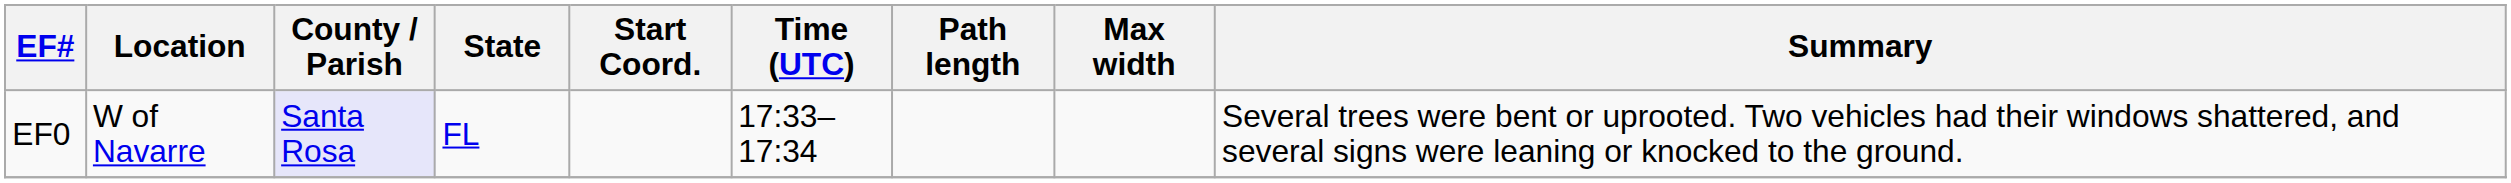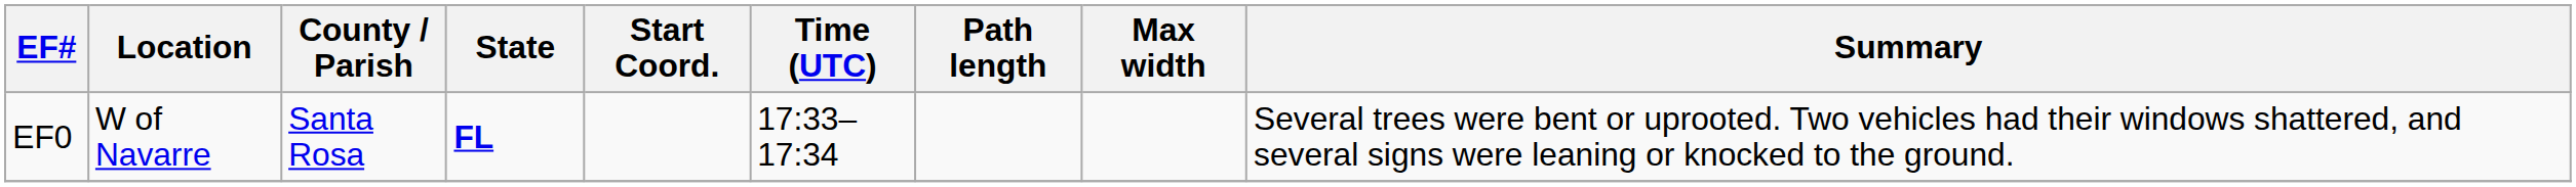 <table class="wikitable sortable" style="width:100%;">
 <tr>
 <th scope="col" style="width:3%; text-align:center;"><a href='#'>EF#</a></th>
 <th scope="col" style="width:7%; text-align:center;" class="unsortable">Location</th>
 <th scope="col" style="width:6%; text-align:center;" class="unsortable">County / Parish</th>
 <th scope="col" style="width:5%; text-align:center;">State</th>
 <th scope="col" style="width:6%; text-align:center;">Start Coord.</th>
 <th scope="col" style="width:6%; text-align:center;">Time (<a href='#'>UTC</a>)</th>
 <th scope="col" style="width:6%; text-align:center;">Path length</th>
 <th scope="col" style="width:6%; text-align:center;">Max width</th>
 <th scope="col" class="unsortable" style="width:48%; text-align:center;">Summary</th>
 </tr>
 <tr>
 <td bgcolor=>EF0</td>
 <td>W of <a href='#'>Navarre</a></td>
-<td style="background: lavender;"><a href='#'>Santa Rosa</a></td>
-<td><a href='#'>FL</a></td>
+<td><a href='#'>Santa Rosa</a></td>
+<td><strong><a href='#'>FL</a></strong></td>
 <td></td>
 <td>17:33–17:34</td>
 <td></td>
 <td></td>
 <td>Several trees were bent or uprooted. Two vehicles had their windows shattered, and several signs were leaning or knocked to the ground.</td>
 </tr>
 <tr>
 </tr>
 </table>
